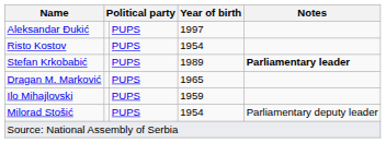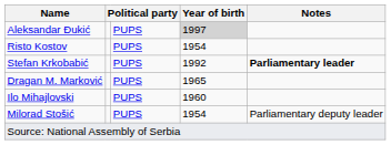 <table class="wikitable sortable" style="text-align:left">
 <tr>
 <th>Name</th>
 <th colspan="2">Political party</th>
 <th>Year of birth</th>
 <th>Notes</th>
 </tr>
 <tr>
 <td><a href='#'>Aleksandar Đukić</a></td>
 <td width="1" style="color:inherit;background: "></td>
 <td><a href='#'>PUPS</a></td>
-<td>1997</td>
+<td style="background: lightgrey;">1997</td>
 <td></td>
 </tr>
 <tr>
 <td><a href='#'>Risto Kostov</a></td>
 <td width="1" style="color:inherit;background: "></td>
 <td><a href='#'>PUPS</a></td>
 <td>1954</td>
 <td></td>
 </tr>
 <tr>
 <td><a href='#'>Stefan Krkobabić</a></td>
 <td width="1" style="color:inherit;background: "></td>
 <td><a href='#'>PUPS</a></td>
-<td>1989</td>
+<td>1992</td>
 <td><strong>Parliamentary leader</strong></td>
 </tr>
 <tr>
 <td><a href='#'>Dragan M. Marković</a></td>
 <td width="1" style="color:inherit;background: "></td>
 <td><a href='#'>PUPS</a></td>
 <td>1965</td>
 <td></td>
 </tr>
 <tr>
 <td><a href='#'>Ilo Mihajlovski</a></td>
 <td width="1" style="color:inherit;background: "></td>
 <td><a href='#'>PUPS</a></td>
-<td>1959</td>
+<td>1960</td>
 <td></td>
 </tr>
 <tr>
 <td><a href='#'>Milorad Stošić</a></td>
 <td width="1" style="color:inherit;background: "></td>
 <td><a href='#'>PUPS</a></td>
 <td>1954</td>
 <td>Parliamentary deputy leader</td>
 </tr>
 <tr>
 <td style="background-color:#EAECF0" colspan="5">Source: National Assembly of Serbia</td>
 </tr>
 </table>
